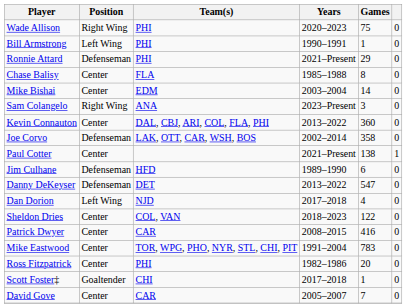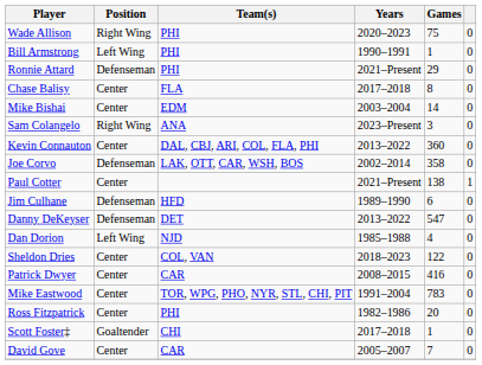 <table class="wikitable sortable">
 <tr>
 <th>Player</th>
 <th>Position</th>
 <th>Team(s)</th>
 <th>Years</th>
 <th>Games</th>
 <th><a href='#'></a></th>
 </tr>
 <tr>
 <td><a href='#'>Wade Allison</a></td>
 <td>Right Wing</td>
 <td><a href='#'>PHI</a></td>
 <td>2020–2023</td>
 <td>75</td>
 <td>0</td>
 </tr>
 <tr>
 <td><a href='#'>Bill Armstrong</a></td>
 <td>Left Wing</td>
 <td><a href='#'>PHI</a></td>
 <td>1990–1991</td>
 <td>1</td>
 <td>0</td>
 </tr>
 <tr>
 <td><a href='#'>Ronnie Attard</a></td>
 <td>Defenseman</td>
 <td><a href='#'>PHI</a></td>
 <td>2021–Present</td>
 <td>29</td>
 <td>0</td>
 </tr>
 <tr>
 <td><a href='#'>Chase Balisy</a></td>
 <td>Center</td>
 <td><a href='#'>FLA</a></td>
-<td>1985–1988</td>
+<td>2017–2018</td>
 <td>8</td>
 <td>0</td>
 </tr>
 <tr>
 <td><a href='#'>Mike Bishai</a></td>
 <td>Center</td>
 <td><a href='#'>EDM</a></td>
 <td>2003–2004</td>
 <td>14</td>
 <td>0</td>
 </tr>
 <tr>
 <td><a href='#'>Sam Colangelo</a></td>
 <td>Right Wing</td>
 <td><a href='#'>ANA</a></td>
 <td>2023–Present</td>
 <td>3</td>
 <td>0</td>
 </tr>
 <tr>
 <td><a href='#'>Kevin Connauton</a></td>
 <td>Center</td>
 <td><a href='#'>DAL</a>, <a href='#'>CBJ</a>, <a href='#'>ARI</a>, <a href='#'>COL</a>, <a href='#'>FLA</a>, <a href='#'>PHI</a></td>
 <td>2013–2022</td>
 <td>360</td>
 <td>0</td>
 </tr>
 <tr>
 <td><a href='#'>Joe Corvo</a></td>
 <td>Defenseman</td>
 <td><a href='#'>LAK</a>, <a href='#'>OTT</a>, <a href='#'>CAR</a>, <a href='#'>WSH</a>, <a href='#'>BOS</a></td>
 <td>2002–2014</td>
 <td>358</td>
 <td>0</td>
 </tr>
 <tr>
 <td><a href='#'>Paul Cotter</a></td>
 <td>Center</td>
 <td><span><strong></strong></span></td>
 <td>2021–Present</td>
 <td>138</td>
 <td>1</td>
 </tr>
 <tr>
 <td><a href='#'>Jim Culhane</a></td>
 <td>Defenseman</td>
 <td><a href='#'>HFD</a></td>
 <td>1989–1990</td>
 <td>6</td>
 <td>0</td>
 </tr>
 <tr>
 <td><a href='#'>Danny DeKeyser</a></td>
 <td>Defenseman</td>
 <td><a href='#'>DET</a></td>
 <td>2013–2022</td>
 <td>547</td>
 <td>0</td>
 </tr>
 <tr>
 <td><a href='#'>Dan Dorion</a></td>
 <td>Left Wing</td>
 <td><a href='#'>NJD</a></td>
-<td>2017–2018</td>
+<td>1985–1988</td>
 <td>4</td>
 <td>0</td>
 </tr>
 <tr>
 <td><a href='#'>Sheldon Dries</a></td>
 <td>Center</td>
 <td><a href='#'>COL</a>, <a href='#'>VAN</a></td>
 <td>2018–2023</td>
 <td>122</td>
 <td>0</td>
 </tr>
 <tr>
 <td><a href='#'>Patrick Dwyer</a></td>
 <td>Center</td>
 <td><a href='#'>CAR</a></td>
 <td>2008–2015</td>
 <td>416</td>
 <td>0</td>
 </tr>
 <tr>
 <td><a href='#'>Mike Eastwood</a></td>
 <td>Center</td>
 <td><a href='#'>TOR</a>, <a href='#'>WPG</a>, <a href='#'>PHO</a>, <a href='#'>NYR</a>, <a href='#'>STL</a>, <a href='#'>CHI</a>, <a href='#'>PIT</a></td>
 <td>1991–2004</td>
 <td>783</td>
 <td>0</td>
 </tr>
 <tr>
 <td><a href='#'>Ross Fitzpatrick</a></td>
 <td>Center</td>
 <td><a href='#'>PHI</a></td>
 <td>1982–1986</td>
 <td>20</td>
 <td>0</td>
 </tr>
 <tr>
 <td><a href='#'>Scott Foster</a>‡</td>
 <td>Goaltender</td>
 <td><a href='#'>CHI</a></td>
 <td>2017–2018</td>
 <td>1</td>
 <td>0</td>
 </tr>
 <tr>
 <td><a href='#'>David Gove</a></td>
 <td>Center</td>
 <td><a href='#'>CAR</a></td>
 <td>2005–2007</td>
 <td>7</td>
 <td>0</td>
 </tr>
 <tr>
 </tr>
 </table>
